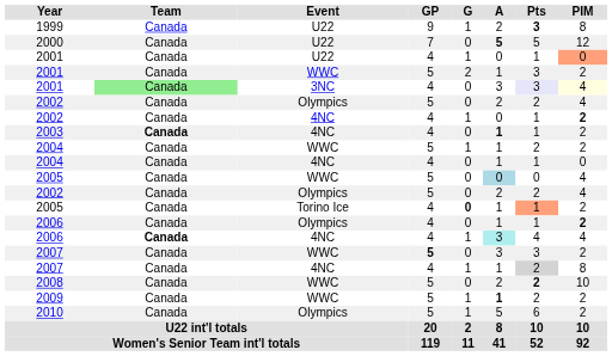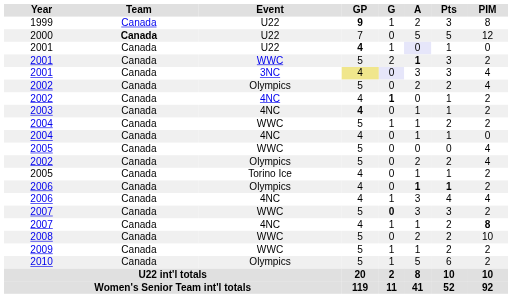 <table border="0" cellpadding="1" cellspacing="0" ID="Table3" style="text-align:center; width:50em">
 <tr ALIGN="center" bgcolor="#e0e0e0">
 <th>Year</th>
 <th>Team</th>
 <th>Event</th>
 <th>GP</th>
 <th>G</th>
 <th>A</th>
 <th>Pts</th>
 <th>PIM</th>
 </tr>
 <tr>
 <td>1999</td>
 <td><a href='#'>Canada</a></td>
 <td>U22</td>
-<td>9</td>
+<td><strong>9</strong></td>
 <td>1</td>
 <td>2</td>
-<td><strong>3</strong></td>
+<td>3</td>
 <td>8</td>
 </tr>
 <tr bgcolor="#f0f0f0">
 <td>2000</td>
-<td>Canada</td>
+<td><strong>Canada</strong></td>
 <td>U22</td>
 <td>7</td>
 <td>0</td>
-<td><strong>5</strong></td>
+<td>5</td>
 <td>5</td>
 <td>12</td>
 </tr>
 <tr>
 <td>2001</td>
 <td>Canada</td>
 <td>U22</td>
-<td>4</td>
+<td><strong>4</strong></td>
+<td>1</td>
+<td style="background: lavender;">0</td>
 <td>1</td>
 <td>0</td>
-<td>1</td>
-<td style="background: lightsalmon;">0</td>
 </tr>
 <tr>
 </tr>
 <tr bgcolor="#f0f0f0">
 <td><a href='#'>2001</a></td>
 <td>Canada</td>
 <td><a href='#'>WWC</a></td>
 <td>5</td>
 <td>2</td>
-<td>1</td>
+<td><strong>1</strong></td>
 <td>3</td>
 <td>2</td>
 </tr>
 <tr>
 <td><a href='#'>2001</a></td>
-<td style="background: lightgreen;">Canada</td>
+<td>Canada</td>
 <td><a href='#'>3NC</a></td>
+<td style="background: khaki;">4</td>
+<td style="background: lavender;">0</td>
+<td>3</td>
+<td>3</td>
 <td>4</td>
-<td>0</td>
-<td>3</td>
-<td style="background: lavender;">3</td>
-<td style="background: lightyellow;">4</td>
 </tr>
 <tr bgcolor="#f0f0f0">
 <td><a href='#'>2002</a></td>
 <td>Canada</td>
 <td>Olympics</td>
 <td>5</td>
 <td>0</td>
 <td>2</td>
 <td>2</td>
 <td>4</td>
 </tr>
 <tr>
 <td><a href='#'>2002</a></td>
 <td>Canada</td>
 <td><a href='#'>4NC</a></td>
 <td>4</td>
-<td>1</td>
+<td><strong>1</strong></td>
 <td>0</td>
 <td>1</td>
-<td><strong>2</strong></td>
+<td>2</td>
 </tr>
 <tr bgcolor="#f0f0f0">
 <td><a href='#'>2003</a></td>
-<td><strong>Canada</strong></td>
+<td>Canada</td>
 <td>4NC</td>
-<td>4</td>
+<td><strong>4</strong></td>
 <td>0</td>
-<td><strong>1</strong></td>
+<td>1</td>
 <td>1</td>
 <td>2</td>
 </tr>
 <tr>
 <td><a href='#'>2004</a></td>
 <td>Canada</td>
 <td>WWC</td>
 <td>5</td>
 <td>1</td>
 <td>1</td>
 <td>2</td>
 <td>2</td>
 </tr>
 <tr bgcolor="#f0f0f0">
 <td><a href='#'>2004</a></td>
 <td>Canada</td>
 <td>4NC</td>
 <td>4</td>
 <td>0</td>
 <td>1</td>
 <td>1</td>
 <td>0</td>
 </tr>
 <tr>
 <td><a href='#'>2005</a></td>
 <td>Canada</td>
 <td>WWC</td>
 <td>5</td>
 <td>0</td>
-<td style="background: lightblue;">0</td>
+<td>0</td>
 <td>0</td>
 <td>4</td>
 </tr>
 <tr bgcolor="#f0f0f0">
 <td><a href='#'>2002</a></td>
 <td>Canada</td>
 <td>Olympics</td>
 <td>5</td>
 <td>0</td>
 <td>2</td>
 <td>2</td>
 <td>4</td>
 </tr>
 <tr>
 <td>2005</td>
 <td>Canada</td>
 <td>Torino Ice</td>
 <td>4</td>
-<td><strong>0</strong></td>
+<td>0</td>
 <td>1</td>
-<td style="background: lightsalmon;">1</td>
+<td>1</td>
 <td>2</td>
 </tr>
 <tr bgcolor="#f0f0f0">
 <td><a href='#'>2006</a></td>
 <td>Canada</td>
 <td>Olympics</td>
 <td>4</td>
 <td>0</td>
-<td>1</td>
-<td>1</td>
-<td><strong>2</strong></td>
+<td><strong>1</strong></td>
+<td><strong>1</strong></td>
+<td>2</td>
 </tr>
 <tr>
 <td><a href='#'>2006</a></td>
-<td><strong>Canada</strong></td>
+<td>Canada</td>
 <td>4NC</td>
 <td>4</td>
 <td>1</td>
-<td style="background: paleturquoise;">3</td>
+<td>3</td>
 <td>4</td>
 <td>4</td>
 </tr>
 <tr bgcolor="#f0f0f0">
 <td><a href='#'>2007</a></td>
 <td>Canada</td>
 <td>WWC</td>
-<td><strong>5</strong></td>
-<td>0</td>
+<td>5</td>
+<td><strong>0</strong></td>
 <td>3</td>
 <td>3</td>
 <td>2</td>
 </tr>
 <tr>
 <td><a href='#'>2007</a></td>
 <td>Canada</td>
 <td>4NC</td>
 <td>4</td>
 <td>1</td>
 <td>1</td>
-<td style="background: lightgrey;">2</td>
-<td>8</td>
+<td>2</td>
+<td><strong>8</strong></td>
 </tr>
 <tr bgcolor="#f0f0f0">
 <td><a href='#'>2008</a></td>
 <td>Canada</td>
 <td>WWC</td>
 <td>5</td>
 <td>0</td>
 <td>2</td>
-<td><strong>2</strong></td>
+<td>2</td>
 <td>10</td>
 </tr>
 <tr>
 <td><a href='#'>2009</a></td>
 <td>Canada</td>
 <td>WWC</td>
 <td>5</td>
 <td>1</td>
-<td><strong>1</strong></td>
+<td>1</td>
 <td>2</td>
 <td>2</td>
 </tr>
 <tr bgcolor="#f0f0f0">
 <td><a href='#'>2010</a></td>
 <td>Canada</td>
 <td>Olympics</td>
 <td>5</td>
 <td>1</td>
 <td>5</td>
 <td>6</td>
 <td>2</td>
 </tr>
 <tr ALIGN="center" bgcolor="#e0e0e0">
 <th colspan=3>U22 int'l totals</th>
 <th>20</th>
 <th>2</th>
 <th>8</th>
 <th>10</th>
 <th>10</th>
 </tr>
 <tr ALIGN="center" bgcolor="#e0e0e0">
 <th colspan=3>Women's Senior Team int'l totals</th>
 <th>119</th>
 <th>11</th>
 <th>41</th>
 <th>52</th>
 <th>92</th>
 </tr>
 </table>
